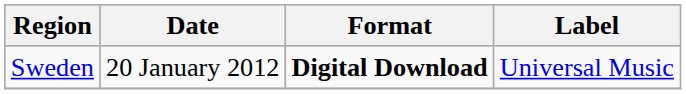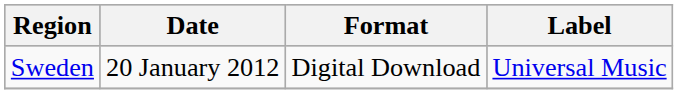 <table class=wikitable>
 <tr>
 <th>Region</th>
 <th>Date</th>
 <th>Format</th>
 <th>Label</th>
 </tr>
 <tr>
 <td><a href='#'>Sweden</a></td>
 <td>20 January 2012</td>
-<td><strong>Digital Download</strong></td>
+<td>Digital Download</td>
 <td><a href='#'>Universal Music</a></td>
 </tr>
 <tr>
 </tr>
 </table>
